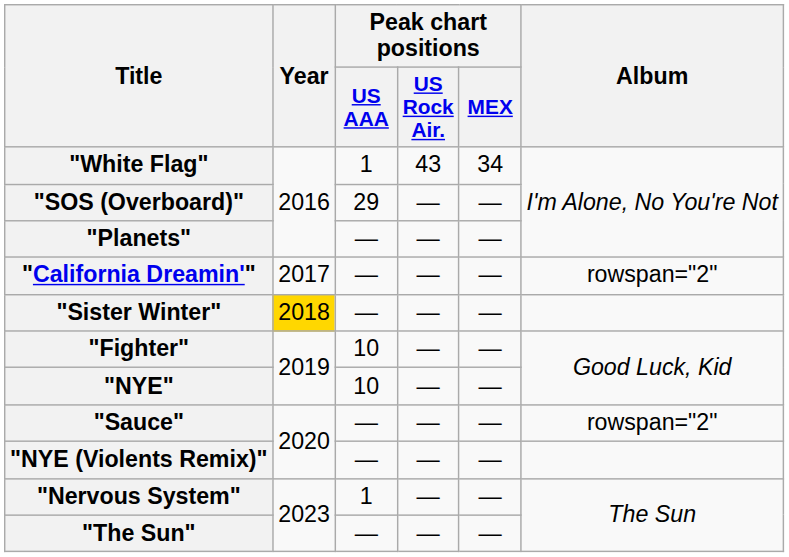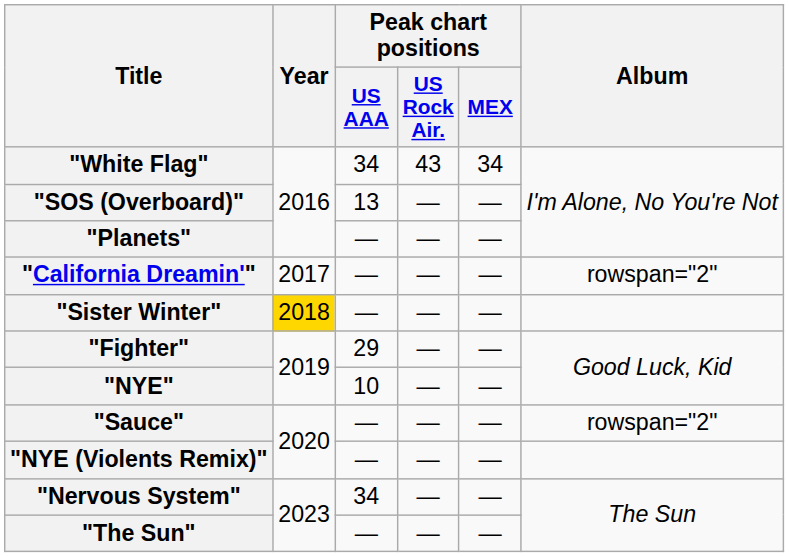 <table class="wikitable plainrowheaders" style="text-align:center">
 <tr>
 <th rowspan="2">Title</th>
 <th rowspan="2">Year</th>
 <th scope="col" colspan="3">Peak chart positions</th>
 <th rowspan="2">Album</th>
 </tr>
 <tr>
 <th scope="col" style="width:2.5em;font-size:90%;"><a href='#'>US<br>AAA</a><br></th>
 <th scope="col" style="width:2.5em;font-size:90%;"><a href='#'>US<br>Rock<br>Air.</a><br></th>
 <th scope="col" style="width:2.5em;font-size:90%;"><a href='#'>MEX</a><br></th>
 </tr>
 <tr>
 <th scope="row">"White Flag"</th>
 <td rowspan="3">2016</td>
-<td>1</td>
+<td>34</td>
 <td>43</td>
 <td>34</td>
 <td rowspan="3"><em>I'm Alone, No You're Not</em></td>
 </tr>
 <tr>
 <th scope="row">"SOS (Overboard)"</th>
-<td>29</td>
+<td>13</td>
 <td>—</td>
 <td>—</td>
 </tr>
 <tr>
 <th scope="row">"Planets"</th>
 <td>—</td>
 <td>—</td>
 <td>—</td>
 </tr>
 <tr>
 <th scope="row">"<a href='#'>California Dreamin'</a>"</th>
 <td>2017</td>
 <td>—</td>
 <td>—</td>
 <td>—</td>
 <td>rowspan="2" </td>
 </tr>
 <tr>
 <th scope="row">"Sister Winter"</th>
 <td style="background: gold;">2018</td>
 <td>—</td>
 <td>—</td>
 <td>—</td>
 </tr>
 <tr>
 <th scope="row">"Fighter"</th>
 <td rowspan="2">2019</td>
-<td>10</td>
+<td>29</td>
 <td>—</td>
 <td>—</td>
 <td rowspan="2"><em>Good Luck, Kid</em></td>
 </tr>
 <tr>
 <th scope="row">"NYE"</th>
 <td>10</td>
 <td>—</td>
 <td>—</td>
 </tr>
 <tr>
 <th scope="row">"Sauce"</th>
 <td rowspan="2">2020</td>
 <td>—</td>
 <td>—</td>
 <td>—</td>
 <td>rowspan="2" </td>
 </tr>
 <tr>
 <th scope="row">"NYE (Violents Remix)"</th>
 <td>—</td>
 <td>—</td>
 <td>—</td>
 </tr>
 <tr>
 <th scope="row">"Nervous System"</th>
 <td rowspan="2">2023</td>
-<td>1</td>
+<td>34</td>
 <td>—</td>
 <td>—</td>
 <td rowspan="2"><em>The Sun</em></td>
 </tr>
 <tr>
 <th scope="row">"The Sun"</th>
 <td>—</td>
 <td>—</td>
 <td>—</td>
 </tr>
 </table>
